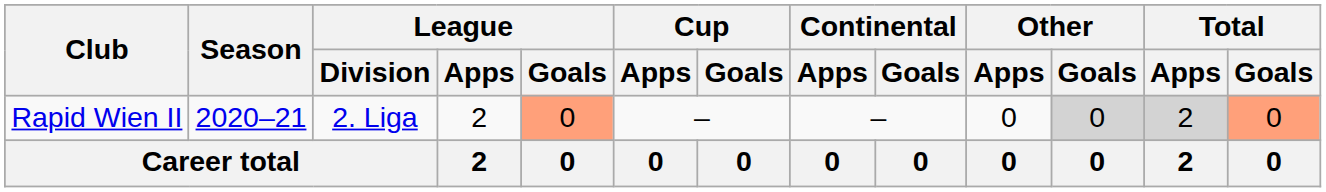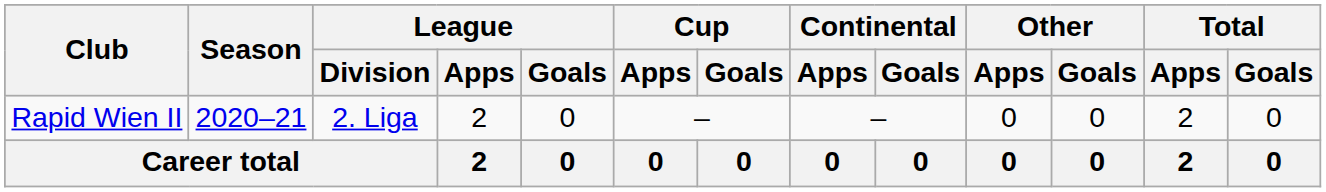 <table class="wikitable" style="text-align: center">
 <tr>
 <th rowspan="2">Club</th>
 <th rowspan="2">Season</th>
 <th colspan="3">League</th>
 <th colspan="2">Cup</th>
 <th colspan="2">Continental</th>
 <th colspan="2">Other</th>
 <th colspan="2">Total</th>
 </tr>
 <tr>
 <th>Division</th>
 <th>Apps</th>
 <th>Goals</th>
 <th>Apps</th>
 <th>Goals</th>
 <th>Apps</th>
 <th>Goals</th>
 <th>Apps</th>
 <th>Goals</th>
 <th>Apps</th>
 <th>Goals</th>
 </tr>
 <tr>
 <td><a href='#'>Rapid Wien II</a></td>
 <td><a href='#'>2020–21</a></td>
 <td><a href='#'>2. Liga</a></td>
 <td>2</td>
-<td style="background: lightsalmon;">0</td>
+<td>0</td>
 <td colspan="2">–</td>
 <td colspan="2">–</td>
 <td>0</td>
-<td style="background: lightgrey;">0</td>
-<td style="background: lightgrey;">2</td>
-<td style="background: lightsalmon;">0</td>
+<td>0</td>
+<td>2</td>
+<td>0</td>
 </tr>
 <tr>
 <th colspan=3>Career total</th>
 <th>2</th>
 <th>0</th>
 <th>0</th>
 <th>0</th>
 <th>0</th>
 <th>0</th>
 <th>0</th>
 <th>0</th>
 <th>2</th>
 <th>0</th>
 </tr>
 </table>
